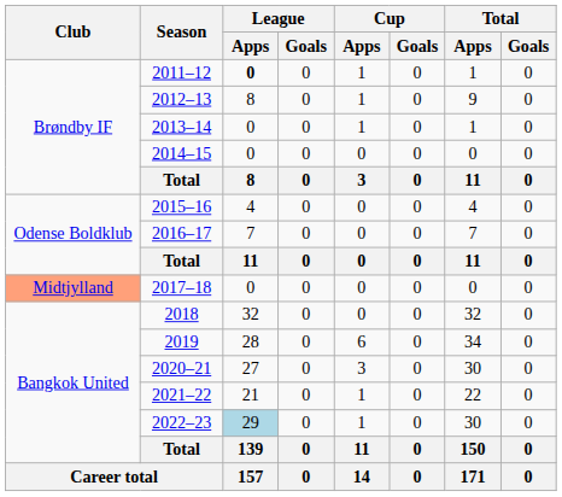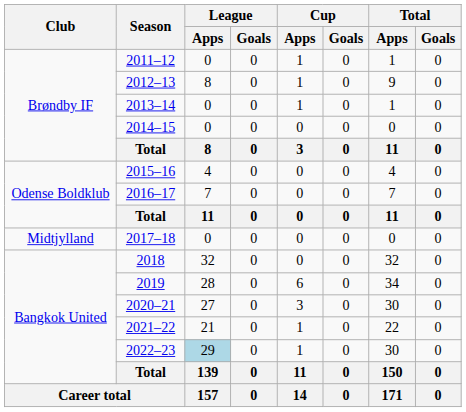 <table class="wikitable" style="text-align:center">
 <tr>
 <th rowspan="2" style="width:120px;">Club</th>
 <th rowspan="2" style="width:70px;">Season</th>
 <th colspan="2" style="width:90px;">League</th>
 <th colspan="2" style="width:90px;">Cup</th>
 <th colspan="2" style="width:90px;">Total</th>
 </tr>
 <tr>
 <th width="45">Apps</th>
 <th width="45">Goals</th>
 <th width="45">Apps</th>
 <th width="45">Goals</th>
 <th width="45">Apps</th>
 <th width="45">Goals</th>
 </tr>
 <tr>
 <td rowspan="5"><a href='#'>Brøndby IF</a></td>
 <td><a href='#'>2011–12</a></td>
-<td><strong>0</strong></td>
+<td>0</td>
 <td>0</td>
 <td>1</td>
 <td>0</td>
 <td>1</td>
 <td>0</td>
 </tr>
 <tr>
 <td><a href='#'>2012–13</a></td>
 <td>8</td>
 <td>0</td>
 <td>1</td>
 <td>0</td>
 <td>9</td>
 <td>0</td>
 </tr>
 <tr>
 <td><a href='#'>2013–14</a></td>
 <td>0</td>
 <td>0</td>
 <td>1</td>
 <td>0</td>
 <td>1</td>
 <td>0</td>
 </tr>
 <tr>
 <td><a href='#'>2014–15</a></td>
 <td>0</td>
 <td>0</td>
 <td>0</td>
 <td>0</td>
 <td>0</td>
 <td>0</td>
 </tr>
 <tr>
 <th colspan="1">Total</th>
 <th>8</th>
 <th>0</th>
 <th>3</th>
 <th>0</th>
 <th>11</th>
 <th>0</th>
 </tr>
 <tr>
 <td rowspan="3"><a href='#'>Odense Boldklub</a></td>
 <td><a href='#'>2015–16</a></td>
 <td>4</td>
 <td>0</td>
 <td>0</td>
 <td>0</td>
 <td>4</td>
 <td>0</td>
 </tr>
 <tr>
 <td><a href='#'>2016–17</a></td>
 <td>7</td>
 <td>0</td>
 <td>0</td>
 <td>0</td>
 <td>7</td>
 <td>0</td>
 </tr>
 <tr>
 <th colspan="1">Total</th>
 <th>11</th>
 <th>0</th>
 <th>0</th>
 <th>0</th>
 <th>11</th>
 <th>0</th>
 </tr>
 <tr>
-<td rowspan="1" style="background: lightsalmon;"><a href='#'>Midtjylland</a></td>
+<td rowspan="1"><a href='#'>Midtjylland</a></td>
 <td><a href='#'>2017–18</a></td>
 <td>0</td>
 <td>0</td>
 <td>0</td>
 <td>0</td>
 <td>0</td>
 <td>0</td>
 </tr>
 <tr>
 <td rowspan="6"><a href='#'>Bangkok United</a></td>
 <td><a href='#'>2018</a></td>
 <td>32</td>
 <td>0</td>
 <td>0</td>
 <td>0</td>
 <td>32</td>
 <td>0</td>
 </tr>
 <tr>
 <td><a href='#'>2019</a></td>
 <td>28</td>
 <td>0</td>
 <td>6</td>
 <td>0</td>
 <td>34</td>
 <td>0</td>
 </tr>
 <tr>
 <td><a href='#'>2020–21</a></td>
 <td>27</td>
 <td>0</td>
 <td>3</td>
 <td>0</td>
 <td>30</td>
 <td>0</td>
 </tr>
 <tr>
 <td><a href='#'>2021–22</a></td>
 <td>21</td>
 <td>0</td>
 <td>1</td>
 <td>0</td>
 <td>22</td>
 <td>0</td>
 </tr>
 <tr>
 <td><a href='#'>2022–23</a></td>
 <td style="background: lightblue;">29</td>
 <td>0</td>
 <td>1</td>
 <td>0</td>
 <td>30</td>
 <td>0</td>
 </tr>
 <tr>
 <th colspan="1">Total</th>
 <th>139</th>
 <th>0</th>
 <th>11</th>
 <th>0</th>
 <th>150</th>
 <th>0</th>
 </tr>
 <tr>
 <th colspan="2">Career total</th>
 <th>157</th>
 <th>0</th>
 <th>14</th>
 <th>0</th>
 <th>171</th>
 <th>0</th>
 </tr>
 </table>
